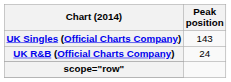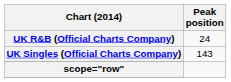 <table class="wikitable sortable plainrowheaders">
 <tr>
 <th scope="col">Chart (2014)</th>
 <th scope="col">Peak<br>position</th>
 </tr>
 <tr>
+<th scope="row"><a href='#'>UK R&B</a> (<a href='#'>Official Charts Company</a>)</th>
+<td style="text-align:center;">24</td>
+</tr>
+<tr>
 <th scope="row"><a href='#'>UK Singles</a> (<a href='#'>Official Charts Company</a>)</th>
 <td style="text-align:center;">143</td>
-</tr>
-<tr>
-<th scope="row"><a href='#'>UK R&B</a> (<a href='#'>Official Charts Company</a>)</th>
-<td style="text-align:center;">24</td>
 </tr>
 <tr>
 </tr>
 <tr>
 <th>scope="row"</th>
 </tr>
 <tr>
 </tr>
 </table>
